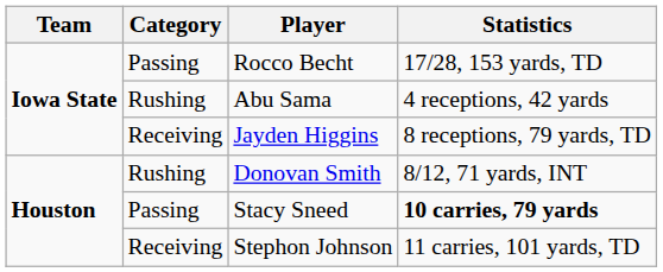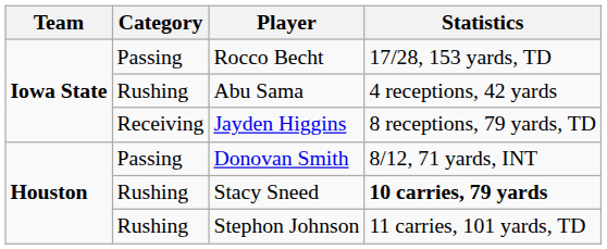 <table class="wikitable" style="float: right;">
 <tr>
 <th>Team</th>
 <th>Category</th>
 <th>Player</th>
 <th>Statistics</th>
 </tr>
 <tr>
 <td rowspan=3><strong>Iowa State</strong></td>
 <td>Passing</td>
 <td>Rocco Becht</td>
 <td>17/28, 153 yards, TD</td>
 </tr>
 <tr>
 <td>Rushing</td>
 <td>Abu Sama</td>
 <td>4 receptions, 42 yards</td>
 </tr>
 <tr>
 <td>Receiving</td>
 <td><a href='#'>Jayden Higgins</a></td>
 <td>8 receptions, 79 yards, TD</td>
 </tr>
 <tr>
 <td rowspan=3><strong>Houston</strong></td>
-<td>Rushing</td>
+<td>Passing</td>
 <td><a href='#'>Donovan Smith</a></td>
 <td>8/12, 71 yards, INT</td>
 </tr>
 <tr>
-<td>Passing</td>
+<td>Rushing</td>
 <td>Stacy Sneed</td>
 <td><strong>10 carries, 79 yards</strong></td>
 </tr>
 <tr>
-<td>Receiving</td>
+<td>Rushing</td>
 <td>Stephon Johnson</td>
 <td>11 carries, 101 yards, TD</td>
 </tr>
 </table>
